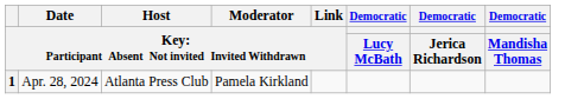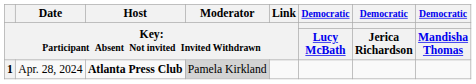 <table class="wikitable" style="text-align:center;">
 <tr>
 <th scope="col"></th>
 <th scope="col">Date</th>
 <th scope="col">Host</th>
 <th scope="col">Moderator</th>
 <th scope="col">Link</th>
 <th scope="col"><small><a href='#'>Democratic</a></small></th>
 <th scope="col"><small><a href='#'>Democratic</a></small></th>
 <th scope="col"><small><a href='#'>Democratic</a></small></th>
 </tr>
 <tr>
 <th colspan="5" rowspan="2">Key:<br> <small>Participant </small>  <small>Absent </small>  <small>Not invited </small>  <small>Invited  Withdrawn</small></th>
 <th scope="col" style="background:"></th>
 <th scope="col" style="background:"></th>
 <th scope="col" style="background:"></th>
 </tr>
 <tr>
 <th scope="col"><a href='#'>Lucy McBath</a></th>
 <th scope="col">Jerica Richardson</th>
 <th scope="col"><a href='#'>Mandisha Thomas</a></th>
 </tr>
 <tr>
 <th>1</th>
 <td style="white-space:nowrap;">Apr. 28, 2024</td>
-<td style="white-space:nowrap;">Atlanta Press Club</td>
-<td style="white-space:nowrap;">Pamela Kirkland</td>
+<td style="white-space:nowrap;"><strong>Atlanta Press Club</strong></td>
+<td style="background: lightgrey; white-space:nowrap;">Pamela Kirkland</td>
 <td style="white-space:nowrap;"></td>
 <td></td>
 <td></td>
 <td></td>
 </tr>
 </table>
